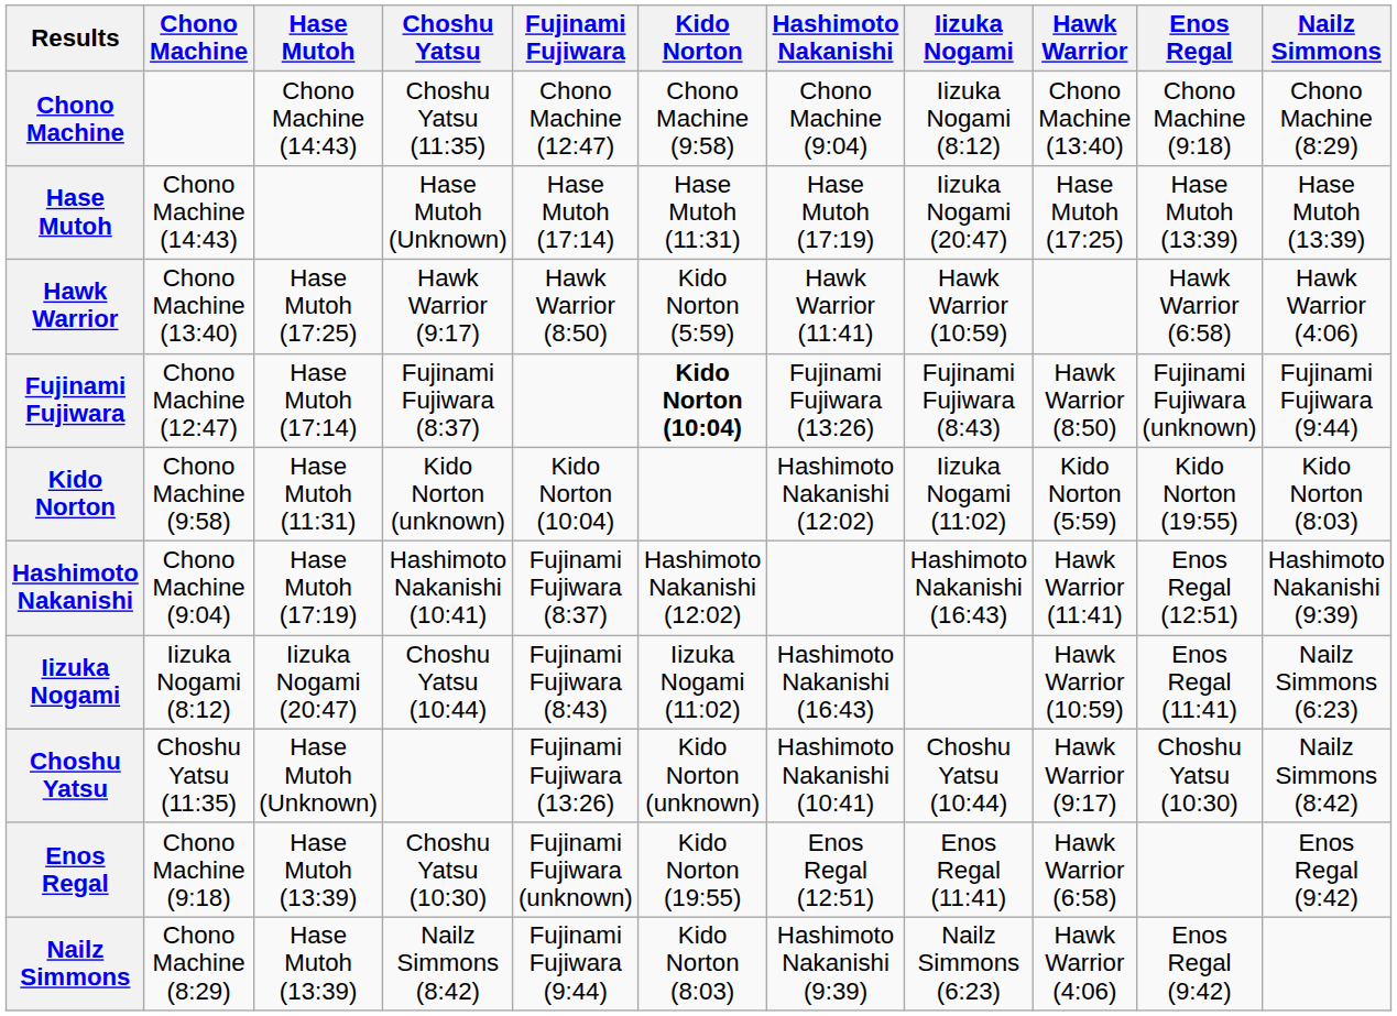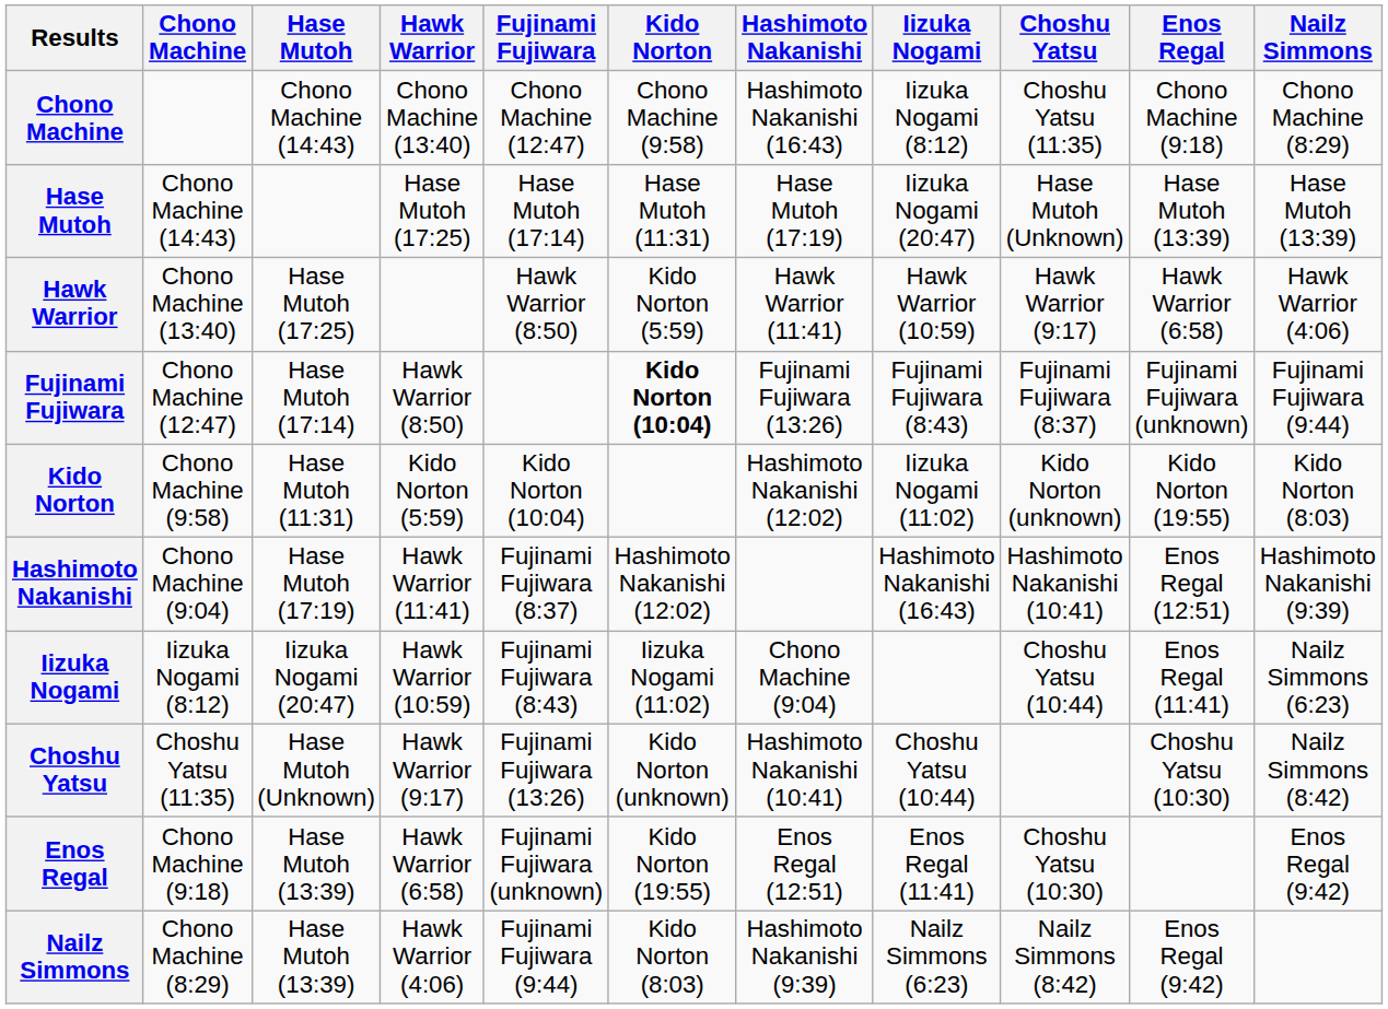 <table class="wikitable" style="text-align:center; margin: 1em auto 1em auto">
 <tr align="center">
 <th>Results</th>
 <th><a href='#'>Chono</a><br><a href='#'>Machine</a></th>
 <th><a href='#'>Hase</a><br><a href='#'>Mutoh</a></th>
-<th><a href='#'>Choshu</a><br><a href='#'>Yatsu</a></th>
+<th><a href='#'>Hawk</a><br><a href='#'>Warrior</a></th>
 <th><a href='#'>Fujinami</a><br><a href='#'>Fujiwara</a></th>
 <th><a href='#'>Kido</a><br><a href='#'>Norton</a></th>
 <th><a href='#'>Hashimoto</a><br><a href='#'>Nakanishi</a></th>
 <th><a href='#'>Iizuka</a><br><a href='#'>Nogami</a></th>
-<th><a href='#'>Hawk</a><br><a href='#'>Warrior</a></th>
+<th><a href='#'>Choshu</a><br><a href='#'>Yatsu</a></th>
 <th><a href='#'>Enos</a><br><a href='#'>Regal</a></th>
 <th><a href='#'>Nailz</a><br><a href='#'>Simmons</a></th>
 </tr>
 <tr align="center">
 <th><a href='#'>Chono</a><br><a href='#'>Machine</a></th>
 <td></td>
 <td>Chono<br>Machine<br>(14:43)</td>
-<td>Choshu<br>Yatsu<br>(11:35)</td>
+<td>Chono<br>Machine<br>(13:40)</td>
 <td>Chono<br>Machine<br>(12:47)</td>
 <td>Chono<br>Machine<br>(9:58)</td>
-<td>Chono<br>Machine<br>(9:04)</td>
+<td>Hashimoto<br>Nakanishi<br>(16:43)</td>
 <td>Iizuka<br>Nogami<br>(8:12)</td>
-<td>Chono<br>Machine<br>(13:40)</td>
+<td>Choshu<br>Yatsu<br>(11:35)</td>
 <td>Chono<br>Machine<br>(9:18)</td>
 <td>Chono<br>Machine<br>(8:29)</td>
 </tr>
 <tr align="center">
 <th><a href='#'>Hase</a><br><a href='#'>Mutoh</a></th>
 <td>Chono<br>Machine<br>(14:43)</td>
 <td></td>
-<td>Hase<br>Mutoh<br>(Unknown)</td>
+<td>Hase<br>Mutoh<br>(17:25)</td>
 <td>Hase<br>Mutoh<br>(17:14)</td>
 <td>Hase<br>Mutoh<br>(11:31)</td>
 <td>Hase<br>Mutoh<br>(17:19)</td>
 <td>Iizuka<br>Nogami<br>(20:47)</td>
-<td>Hase<br>Mutoh<br>(17:25)</td>
+<td>Hase<br>Mutoh<br>(Unknown)</td>
 <td>Hase<br>Mutoh<br>(13:39)</td>
 <td>Hase<br>Mutoh<br>(13:39)</td>
 </tr>
 <tr align="center">
 <th><a href='#'>Hawk</a><br><a href='#'>Warrior</a></th>
 <td>Chono<br>Machine<br>(13:40)</td>
 <td>Hase<br>Mutoh<br>(17:25)</td>
-<td>Hawk<br>Warrior<br>(9:17)</td>
+<td></td>
 <td>Hawk<br>Warrior<br>(8:50)</td>
 <td>Kido<br>Norton<br>(5:59)</td>
 <td>Hawk<br>Warrior<br>(11:41)</td>
 <td>Hawk<br>Warrior<br>(10:59)</td>
-<td></td>
+<td>Hawk<br>Warrior<br>(9:17)</td>
 <td>Hawk<br>Warrior<br>(6:58)</td>
 <td>Hawk<br>Warrior<br>(4:06)</td>
 </tr>
 <tr align="center">
 <th><a href='#'>Fujinami</a><br><a href='#'>Fujiwara</a></th>
 <td>Chono<br>Machine<br>(12:47)</td>
 <td>Hase<br>Mutoh<br>(17:14)</td>
-<td>Fujinami<br>Fujiwara<br>(8:37)</td>
+<td>Hawk<br>Warrior<br>(8:50)</td>
 <td></td>
 <td><strong>Kido<br>Norton<br>(10:04)</strong></td>
 <td>Fujinami<br>Fujiwara<br>(13:26)</td>
 <td>Fujinami<br>Fujiwara<br>(8:43)</td>
-<td>Hawk<br>Warrior<br>(8:50)</td>
+<td>Fujinami<br>Fujiwara<br>(8:37)</td>
 <td>Fujinami<br>Fujiwara<br>(unknown)</td>
 <td>Fujinami<br>Fujiwara<br>(9:44)</td>
 </tr>
 <tr align="center">
 <th><a href='#'>Kido</a><br><a href='#'>Norton</a></th>
 <td>Chono<br>Machine<br>(9:58)</td>
 <td>Hase<br>Mutoh<br>(11:31)</td>
-<td>Kido<br>Norton<br>(unknown)</td>
+<td>Kido<br>Norton<br>(5:59)</td>
 <td>Kido<br>Norton<br>(10:04)</td>
 <td></td>
 <td>Hashimoto<br>Nakanishi<br>(12:02)</td>
 <td>Iizuka<br>Nogami<br>(11:02)</td>
-<td>Kido<br>Norton<br>(5:59)</td>
+<td>Kido<br>Norton<br>(unknown)</td>
 <td>Kido<br>Norton<br>(19:55)</td>
 <td>Kido<br>Norton<br>(8:03)</td>
 </tr>
 <tr align="center">
 <th><a href='#'>Hashimoto</a><br><a href='#'>Nakanishi</a></th>
 <td>Chono<br>Machine<br>(9:04)</td>
 <td>Hase<br>Mutoh<br>(17:19)</td>
-<td>Hashimoto<br>Nakanishi<br>(10:41)</td>
+<td>Hawk<br>Warrior<br>(11:41)</td>
 <td>Fujinami<br>Fujiwara<br>(8:37)</td>
 <td>Hashimoto<br>Nakanishi<br>(12:02)</td>
 <td></td>
 <td>Hashimoto<br>Nakanishi<br>(16:43)</td>
-<td>Hawk<br>Warrior<br>(11:41)</td>
+<td>Hashimoto<br>Nakanishi<br>(10:41)</td>
 <td>Enos<br>Regal<br>(12:51)</td>
 <td>Hashimoto<br>Nakanishi<br>(9:39)</td>
 </tr>
 <tr align="center">
 <th><a href='#'>Iizuka</a><br><a href='#'>Nogami</a></th>
 <td>Iizuka<br>Nogami<br>(8:12)</td>
 <td>Iizuka<br>Nogami<br>(20:47)</td>
-<td>Choshu<br>Yatsu<br>(10:44)</td>
+<td>Hawk<br>Warrior<br>(10:59)</td>
 <td>Fujinami<br>Fujiwara<br>(8:43)</td>
 <td>Iizuka<br>Nogami<br>(11:02)</td>
-<td>Hashimoto<br>Nakanishi<br>(16:43)</td>
+<td>Chono<br>Machine<br>(9:04)</td>
 <td></td>
-<td>Hawk<br>Warrior<br>(10:59)</td>
+<td>Choshu<br>Yatsu<br>(10:44)</td>
 <td>Enos<br>Regal<br>(11:41)</td>
 <td>Nailz<br>Simmons<br>(6:23)</td>
 </tr>
 <tr align="center">
 <th><a href='#'>Choshu</a><br><a href='#'>Yatsu</a></th>
 <td>Choshu<br>Yatsu<br>(11:35)</td>
 <td>Hase<br>Mutoh<br>(Unknown)</td>
-<td></td>
+<td>Hawk<br>Warrior<br>(9:17)</td>
 <td>Fujinami<br>Fujiwara<br>(13:26)</td>
 <td>Kido<br>Norton<br>(unknown)</td>
 <td>Hashimoto<br>Nakanishi<br>(10:41)</td>
 <td>Choshu<br>Yatsu<br>(10:44)</td>
-<td>Hawk<br>Warrior<br>(9:17)</td>
+<td></td>
 <td>Choshu<br>Yatsu<br>(10:30)</td>
 <td>Nailz<br>Simmons<br>(8:42)</td>
 </tr>
 <tr align="center">
 <th><a href='#'>Enos</a><br><a href='#'>Regal</a></th>
 <td>Chono<br>Machine<br>(9:18)</td>
 <td>Hase<br>Mutoh<br>(13:39)</td>
-<td>Choshu<br>Yatsu<br>(10:30)</td>
+<td>Hawk<br>Warrior<br>(6:58)</td>
 <td>Fujinami<br>Fujiwara<br>(unknown)</td>
 <td>Kido<br>Norton<br>(19:55)</td>
 <td>Enos<br>Regal<br>(12:51)</td>
 <td>Enos<br>Regal<br>(11:41)</td>
-<td>Hawk<br>Warrior<br>(6:58)</td>
+<td>Choshu<br>Yatsu<br>(10:30)</td>
 <td></td>
 <td>Enos<br>Regal<br>(9:42)</td>
 </tr>
 <tr align="center">
 <th><a href='#'>Nailz</a><br><a href='#'>Simmons</a></th>
 <td>Chono<br>Machine<br>(8:29)</td>
 <td>Hase<br>Mutoh<br>(13:39)</td>
-<td>Nailz<br>Simmons<br>(8:42)</td>
+<td>Hawk<br>Warrior<br>(4:06)</td>
 <td>Fujinami<br>Fujiwara<br>(9:44)</td>
 <td>Kido<br>Norton<br>(8:03)</td>
 <td>Hashimoto<br>Nakanishi<br>(9:39)</td>
 <td>Nailz<br>Simmons<br>(6:23)</td>
-<td>Hawk<br>Warrior<br>(4:06)</td>
+<td>Nailz<br>Simmons<br>(8:42)</td>
 <td>Enos<br>Regal<br>(9:42)</td>
 <td></td>
 </tr>
 </table>
